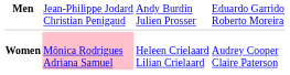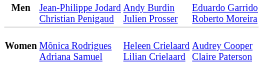 <table>
 <tr>
 <th scope="row">Men</th>
 <td><br><a href='#'>Jean-Philippe Jodard</a><br><a href='#'>Christian Penigaud</a></td>
 <td><br><a href='#'>Andy Burdin</a><br><a href='#'>Julien Prosser</a></td>
 <td><br><a href='#'>Eduardo Garrido</a><br><a href='#'>Roberto Moreira</a></td>
 </tr>
 <tr bgcolor=#DDDDDD>
 <td colspan=4></td>
 </tr>
 <tr>
 <th scope="row">Women</th>
-<td style="background: pink;"><br><a href='#'>Mônica Rodrigues</a><br><a href='#'>Adriana Samuel</a></td>
+<td><br><a href='#'>Mônica Rodrigues</a><br><a href='#'>Adriana Samuel</a></td>
 <td><br><a href='#'>Heleen Crielaard</a><br><a href='#'>Lilian Crielaard</a></td>
 <td><br><a href='#'>Audrey Cooper</a><br><a href='#'>Claire Paterson</a></td>
 </tr>
 </table>
